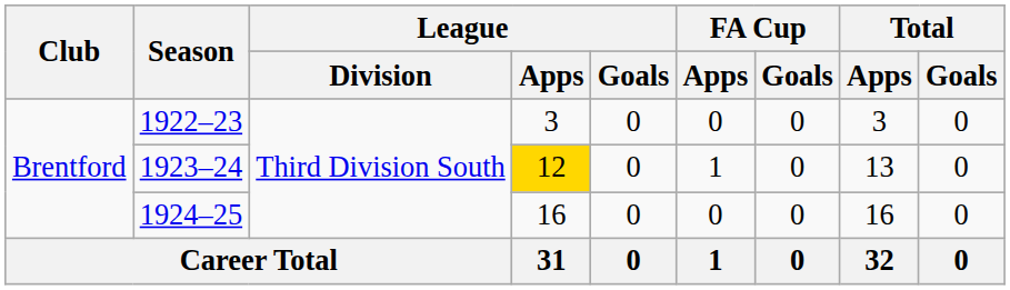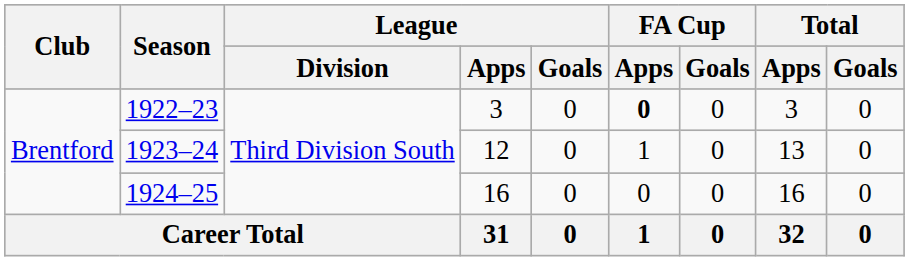 <table class="wikitable" style="text-align: center;">
 <tr>
 <th rowspan="2">Club</th>
 <th rowspan="2">Season</th>
 <th colspan="3">League</th>
 <th colspan="2">FA Cup</th>
 <th colspan="2">Total</th>
 </tr>
 <tr>
 <th>Division</th>
 <th>Apps</th>
 <th>Goals</th>
 <th>Apps</th>
 <th>Goals</th>
 <th>Apps</th>
 <th>Goals</th>
 </tr>
 <tr>
 <td rowspan="3"><a href='#'>Brentford</a></td>
 <td><a href='#'>1922–23</a></td>
 <td rowspan="3"><a href='#'>Third Division South</a></td>
 <td>3</td>
 <td>0</td>
-<td>0</td>
+<td><strong>0</strong></td>
 <td>0</td>
 <td>3</td>
 <td>0</td>
 </tr>
 <tr>
 <td><a href='#'>1923–24</a></td>
-<td style="background: gold;">12</td>
+<td>12</td>
 <td>0</td>
 <td>1</td>
 <td>0</td>
 <td>13</td>
 <td>0</td>
 </tr>
 <tr>
 <td><a href='#'>1924–25</a></td>
 <td>16</td>
 <td>0</td>
 <td>0</td>
 <td>0</td>
 <td>16</td>
 <td>0</td>
 </tr>
 <tr>
 <th colspan="3">Career Total</th>
 <th>31</th>
 <th>0</th>
 <th>1</th>
 <th>0</th>
 <th>32</th>
 <th>0</th>
 </tr>
 </table>
